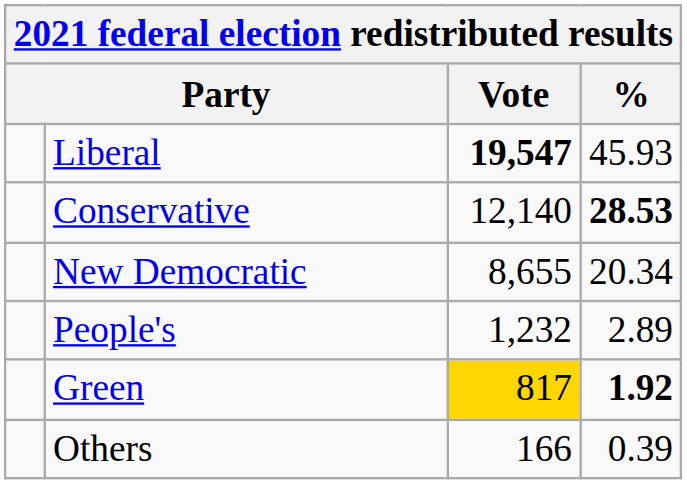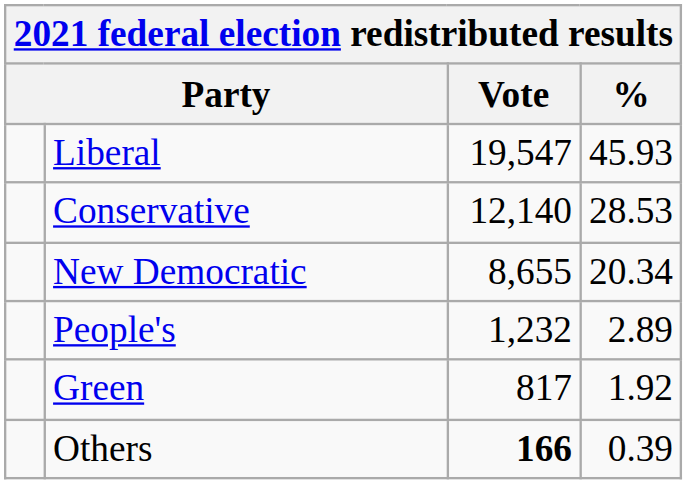 <table class="wikitable">
 <tr>
 <th colspan="4"><a href='#'>2021 federal election</a> redistributed results</th>
 </tr>
 <tr>
 <th bgcolor="#DDDDFF" width="130px" colspan="2">Party</th>
 <th bgcolor="#DDDDFF" width="50px">Vote</th>
 <th bgcolor="#DDDDFF" width="30px">%</th>
 </tr>
 <tr>
 <td> </td>
 <td><a href='#'>Liberal</a></td>
-<td align=right><strong>19,547</strong></td>
+<td align=right>19,547</td>
 <td align=right>45.93</td>
 </tr>
 <tr>
 <td> </td>
 <td><a href='#'>Conservative</a></td>
 <td align=right>12,140</td>
-<td align=right><strong>28.53</strong></td>
+<td align=right>28.53</td>
 </tr>
 <tr>
 <td> </td>
 <td><a href='#'>New Democratic</a></td>
 <td align=right>8,655</td>
 <td align=right>20.34</td>
 </tr>
 <tr>
 <td> </td>
 <td><a href='#'>People's</a></td>
 <td align=right>1,232</td>
 <td align=right>2.89</td>
 </tr>
 <tr>
 <td> </td>
 <td><a href='#'>Green</a></td>
-<td align=right style="background: gold;">817</td>
-<td align=right><strong>1.92</strong></td>
+<td align=right>817</td>
+<td align=right>1.92</td>
 </tr>
 <tr>
 <td> </td>
 <td>Others</td>
-<td align=right>166</td>
+<td align=right><strong>166</strong></td>
 <td align=right>0.39</td>
 </tr>
 </table>
